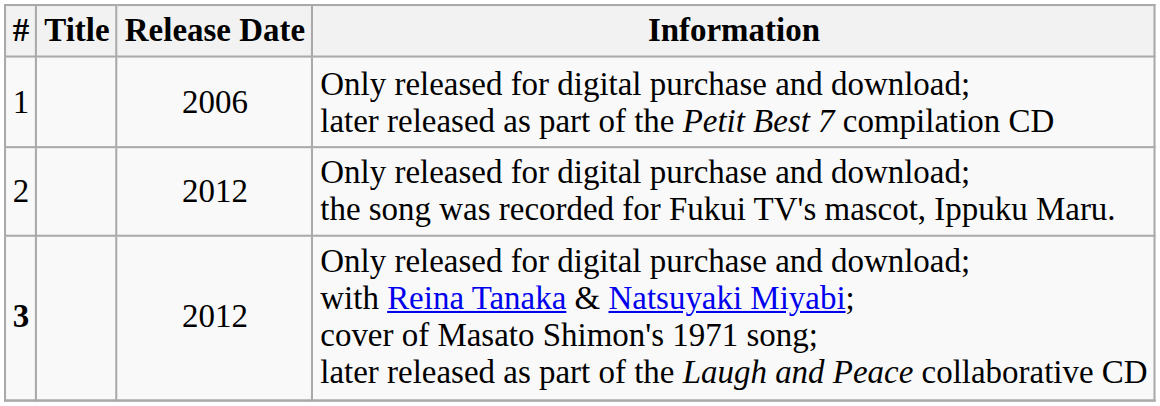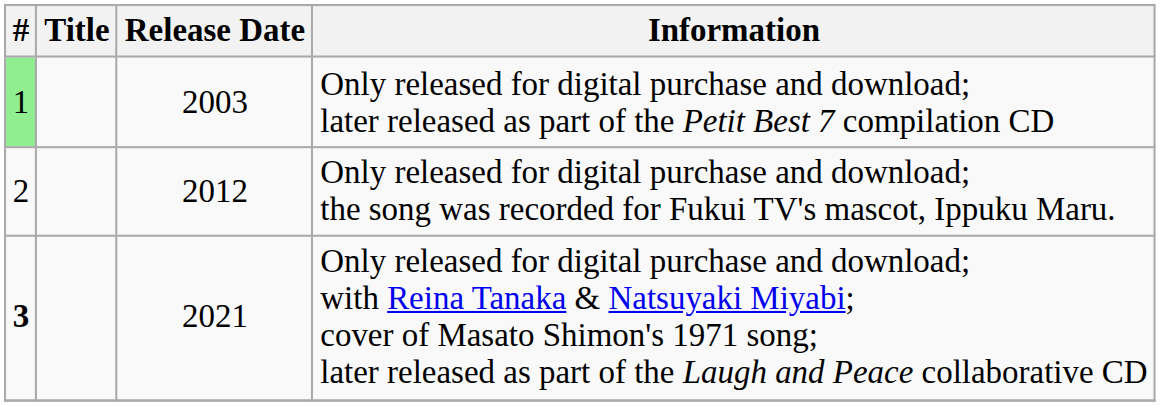 <table class="wikitable">
 <tr>
 <th>#</th>
 <th>Title</th>
 <th>Release Date</th>
 <th>Information</th>
 </tr>
 <tr>
-<td align="center">1</td>
+<td align="center" style="background: lightgreen;">1</td>
 <td></td>
-<td align="center">2006</td>
+<td align="center">2003</td>
 <td>Only released for digital purchase and download;<br>later released as part of the <em>Petit Best 7</em> compilation CD</td>
 </tr>
 <tr>
 <td align="center">2</td>
 <td></td>
 <td align="center">2012</td>
 <td>Only released for digital purchase and download;<br>the song was recorded for Fukui TV's mascot, Ippuku Maru.</td>
 </tr>
 <tr>
 <td align="center"><strong>3</strong></td>
 <td></td>
-<td align="center">2012</td>
+<td align="center">2021</td>
 <td>Only released for digital purchase and download;<br> with <a href='#'>Reina Tanaka</a> & <a href='#'>Natsuyaki Miyabi</a>;<br> cover of Masato Shimon's 1971 song;<br>later released as part of the <em>Laugh and Peace</em> collaborative CD</td>
 </tr>
 <tr>
 </tr>
 </table>
